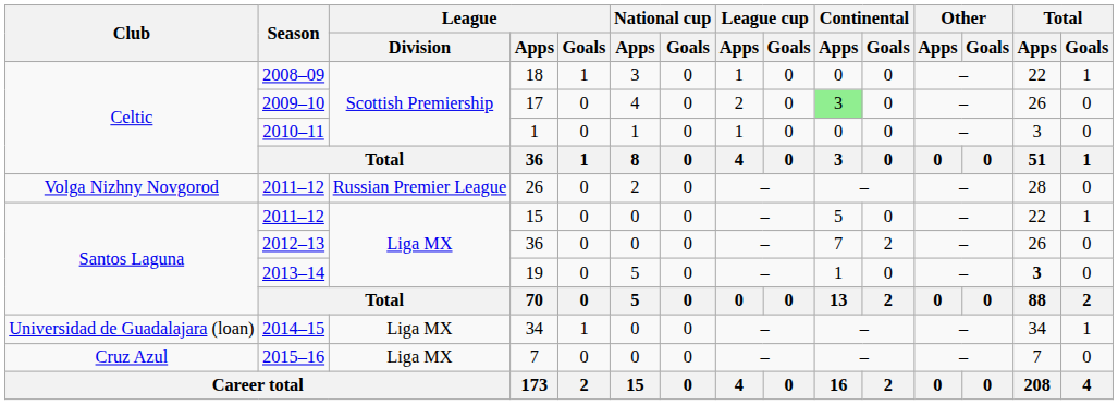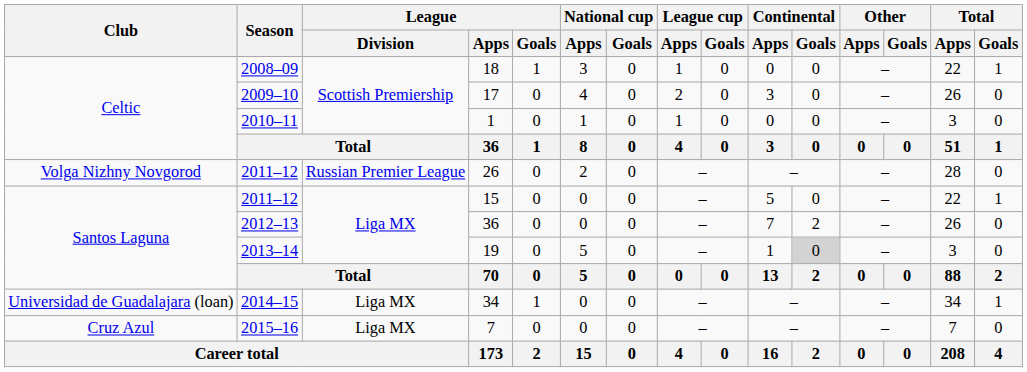 <table class="wikitable" style="text-align: center;">
 <tr>
 <th rowspan="2">Club</th>
 <th rowspan="2">Season</th>
 <th colspan="3">League</th>
 <th colspan="2">National cup</th>
 <th colspan="2">League cup</th>
 <th colspan="2">Continental</th>
 <th colspan="2">Other</th>
 <th colspan="2">Total</th>
 </tr>
 <tr>
 <th>Division</th>
 <th>Apps</th>
 <th>Goals</th>
 <th>Apps</th>
 <th>Goals</th>
 <th>Apps</th>
 <th>Goals</th>
 <th>Apps</th>
 <th>Goals</th>
 <th>Apps</th>
 <th>Goals</th>
 <th>Apps</th>
 <th>Goals</th>
 </tr>
 <tr>
 <td rowspan="4"><a href='#'>Celtic</a></td>
 <td><a href='#'>2008–09</a></td>
 <td rowspan="3"><a href='#'>Scottish Premiership</a></td>
 <td>18</td>
 <td>1</td>
 <td>3</td>
 <td>0</td>
 <td>1</td>
 <td>0</td>
 <td>0</td>
 <td>0</td>
 <td colspan="2">–</td>
 <td>22</td>
 <td>1</td>
 </tr>
 <tr>
 <td><a href='#'>2009–10</a></td>
 <td>17</td>
 <td>0</td>
 <td>4</td>
 <td>0</td>
 <td>2</td>
 <td>0</td>
-<td style="background: lightgreen;">3</td>
+<td>3</td>
 <td>0</td>
 <td colspan="2">–</td>
 <td>26</td>
 <td>0</td>
 </tr>
 <tr>
 <td><a href='#'>2010–11</a></td>
 <td>1</td>
 <td>0</td>
 <td>1</td>
 <td>0</td>
 <td>1</td>
 <td>0</td>
 <td>0</td>
 <td>0</td>
 <td colspan="2">–</td>
 <td>3</td>
 <td>0</td>
 </tr>
 <tr>
 <th colspan="2">Total</th>
 <th>36</th>
 <th>1</th>
 <th>8</th>
 <th>0</th>
 <th>4</th>
 <th>0</th>
 <th>3</th>
 <th>0</th>
 <th>0</th>
 <th>0</th>
 <th>51</th>
 <th>1</th>
 </tr>
 <tr>
 <td><a href='#'>Volga Nizhny Novgorod</a></td>
 <td><a href='#'>2011–12</a></td>
 <td><a href='#'>Russian Premier League</a></td>
 <td>26</td>
 <td>0</td>
 <td>2</td>
 <td>0</td>
 <td colspan="2">–</td>
 <td colspan="2">–</td>
 <td colspan="2">–</td>
 <td>28</td>
 <td>0</td>
 </tr>
 <tr>
 <td rowspan="4"><a href='#'>Santos Laguna</a></td>
 <td><a href='#'>2011–12</a></td>
 <td rowspan="3"><a href='#'>Liga MX</a></td>
 <td>15</td>
 <td>0</td>
 <td>0</td>
 <td>0</td>
 <td colspan="2">–</td>
 <td>5</td>
 <td>0</td>
 <td colspan="2">–</td>
 <td>22</td>
 <td>1</td>
 </tr>
 <tr>
 <td><a href='#'>2012–13</a></td>
 <td>36</td>
 <td>0</td>
 <td>0</td>
 <td>0</td>
 <td colspan="2">–</td>
 <td>7</td>
 <td>2</td>
 <td colspan="2">–</td>
 <td>26</td>
 <td>0</td>
 </tr>
 <tr>
 <td><a href='#'>2013–14</a></td>
 <td>19</td>
 <td>0</td>
 <td>5</td>
 <td>0</td>
 <td colspan="2">–</td>
 <td>1</td>
-<td>0</td>
+<td style="background: lightgrey;">0</td>
 <td colspan="2">–</td>
-<td><strong>3</strong></td>
+<td>3</td>
 <td>0</td>
 </tr>
 <tr>
 <th colspan="2">Total</th>
 <th>70</th>
 <th>0</th>
 <th>5</th>
 <th>0</th>
 <th>0</th>
 <th>0</th>
 <th>13</th>
 <th>2</th>
 <th>0</th>
 <th>0</th>
 <th>88</th>
 <th>2</th>
 </tr>
 <tr>
 <td><a href='#'>Universidad de Guadalajara</a> (loan)</td>
 <td><a href='#'>2014–15</a></td>
 <td>Liga MX</td>
 <td>34</td>
 <td>1</td>
 <td>0</td>
 <td>0</td>
 <td colspan="2">–</td>
 <td colspan="2">–</td>
 <td colspan="2">–</td>
 <td>34</td>
 <td>1</td>
 </tr>
 <tr>
 <td><a href='#'>Cruz Azul</a></td>
 <td><a href='#'>2015–16</a></td>
 <td>Liga MX</td>
 <td>7</td>
 <td>0</td>
 <td>0</td>
 <td>0</td>
 <td colspan="2">–</td>
 <td colspan="2">–</td>
 <td colspan="2">–</td>
 <td>7</td>
 <td>0</td>
 </tr>
 <tr>
 <th colspan="3">Career total</th>
 <th>173</th>
 <th>2</th>
 <th>15</th>
 <th>0</th>
 <th>4</th>
 <th>0</th>
 <th>16</th>
 <th>2</th>
 <th>0</th>
 <th>0</th>
 <th>208</th>
 <th>4</th>
 </tr>
 </table>
